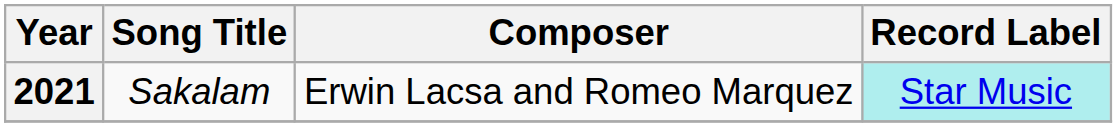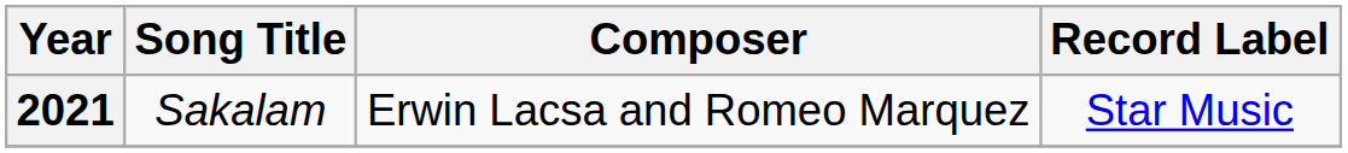 <table class="wikitable" style="text-align:center;">
 <tr>
 <th scope="col">Year</th>
 <th scope="col">Song Title</th>
 <th scope="col">Composer</th>
 <th scope="col">Record Label</th>
 </tr>
 <tr>
 <th rowspan="1">2021</th>
 <td><em>Sakalam</em></td>
 <td>Erwin Lacsa and Romeo Marquez</td>
-<td style="background: paleturquoise;"><a href='#'>Star Music</a></td>
+<td><a href='#'>Star Music</a></td>
 </tr>
 <tr>
 </tr>
 </table>
